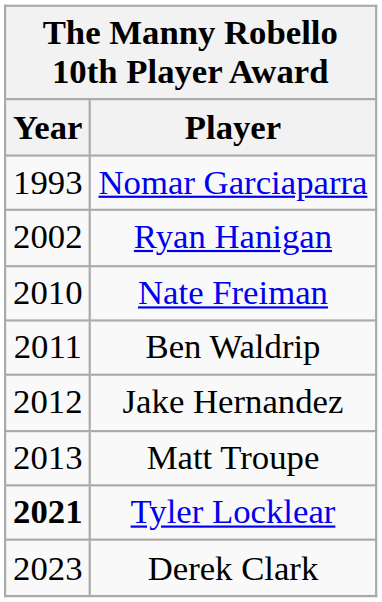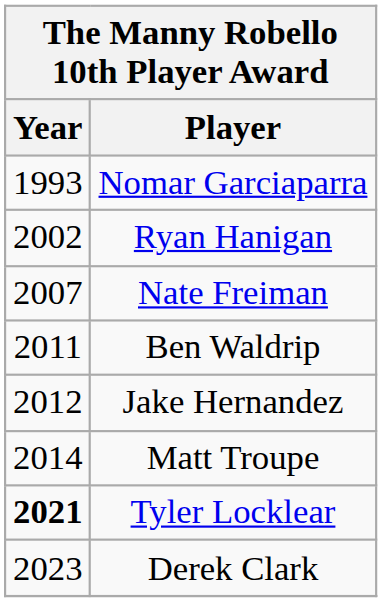 <table class="wikitable" style="display: inline-table; margin-right: 20px; text-align:center">
 <tr>
 <th scope="col" colspan="2" style="width: 145px;">The Manny Robello 10th Player Award</th>
 </tr>
 <tr>
 <th scope="col">Year</th>
 <th scope="col">Player</th>
 </tr>
 <tr>
 <td>1993</td>
 <td><a href='#'>Nomar Garciaparra</a></td>
 </tr>
 <tr>
 <td>2002</td>
 <td><a href='#'>Ryan Hanigan</a></td>
 </tr>
 <tr>
-<td>2010</td>
+<td>2007</td>
 <td><a href='#'>Nate Freiman</a></td>
 </tr>
 <tr>
 <td>2011</td>
 <td>Ben Waldrip</td>
 </tr>
 <tr>
 <td>2012</td>
 <td>Jake Hernandez</td>
 </tr>
 <tr>
-<td>2013</td>
+<td>2014</td>
 <td>Matt Troupe</td>
 </tr>
 <tr>
 <td><strong>2021</strong></td>
 <td><a href='#'>Tyler Locklear</a></td>
 </tr>
 <tr>
 <td>2023</td>
 <td>Derek Clark</td>
 </tr>
 <tr>
 </tr>
 </table>
